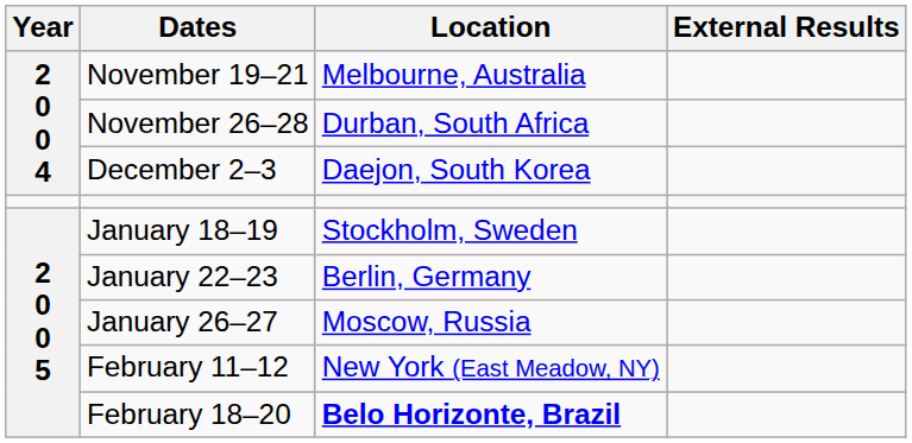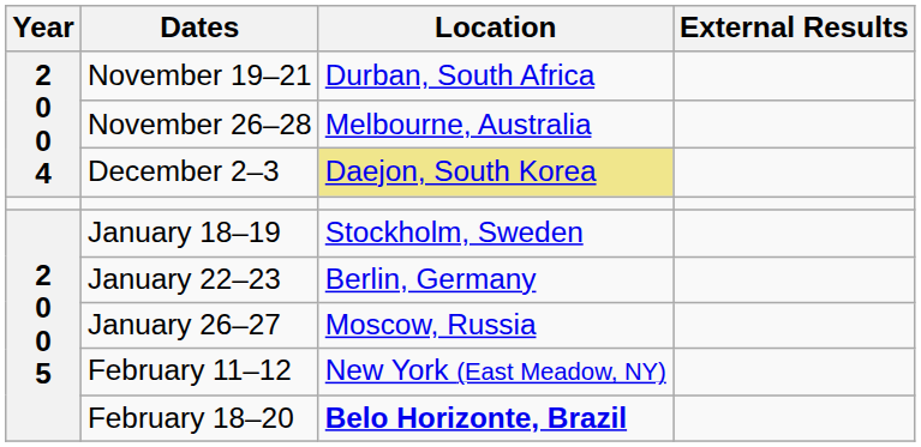 <table class=wikitable>
 <tr>
 <th>Year</th>
 <th>Dates</th>
 <th>Location</th>
 <th>External Results</th>
 </tr>
 <tr>
 <th rowspan="3">2<br>0<br>0<br>4</th>
 <td>November 19–21</td>
+<td><a href='#'>Durban, South Africa</a> </td>
+<td></td>
+</tr>
+<tr>
+<td>November 26–28</td>
 <td><a href='#'>Melbourne, Australia</a> </td>
 <td></td>
 </tr>
 <tr>
-<td>November 26–28</td>
-<td><a href='#'>Durban, South Africa</a> </td>
-<td></td>
-</tr>
-<tr>
 <td>December 2–3</td>
-<td><a href='#'>Daejon, South Korea</a> </td>
+<td style="background: khaki;"><a href='#'>Daejon, South Korea</a> </td>
 <td></td>
 </tr>
 <tr>
 <td></td>
 <td></td>
 <td></td>
 <td></td>
 </tr>
 <tr>
 <th rowspan="5">2<br>0<br>0<br>5</th>
 <td>January 18–19</td>
 <td><a href='#'>Stockholm, Sweden</a> </td>
 <td></td>
 </tr>
 <tr>
 <td>January 22–23</td>
 <td><a href='#'>Berlin, Germany</a> </td>
 <td></td>
 </tr>
 <tr>
 <td>January 26–27</td>
 <td><a href='#'>Moscow, Russia</a> </td>
 <td></td>
 </tr>
 <tr>
 <td>February 11–12</td>
 <td><a href='#'>New York <small>(East Meadow, NY)</small></a> </td>
 <td></td>
 </tr>
 <tr>
 <td>February 18–20</td>
 <td><strong><a href='#'>Belo Horizonte, Brazil</a> </strong></td>
 <td></td>
 </tr>
 </table>
